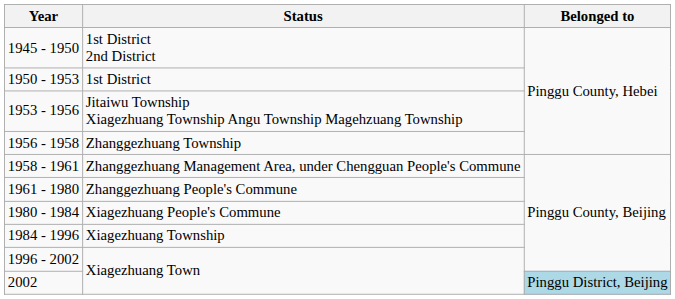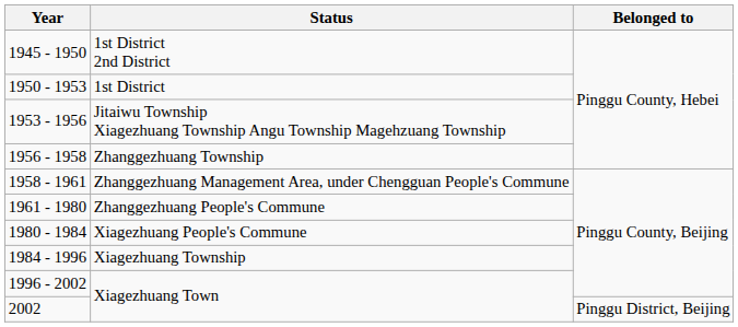 <table class="wikitable">
 <tr>
 <th>Year</th>
 <th>Status</th>
 <th>Belonged to</th>
 </tr>
 <tr>
 <td>1945 - 1950</td>
 <td>1st District<br>2nd District</td>
 <td rowspan="4">Pinggu County, Hebei</td>
 </tr>
 <tr>
 <td>1950 - 1953</td>
 <td>1st District</td>
 </tr>
 <tr>
 <td>1953 - 1956</td>
 <td>Jitaiwu Township<br>Xiagezhuang Township Angu Township Magehzuang Township</td>
 </tr>
 <tr>
 <td>1956 - 1958</td>
 <td>Zhanggezhuang Township</td>
 </tr>
 <tr>
 <td>1958 - 1961</td>
 <td>Zhanggezhuang Management Area, under Chengguan People's Commune</td>
 <td rowspan="5">Pinggu County, Beijing</td>
 </tr>
 <tr>
 <td>1961 - 1980</td>
 <td>Zhanggezhuang People's Commune</td>
 </tr>
 <tr>
 <td>1980 - 1984</td>
 <td>Xiagezhuang People's Commune</td>
 </tr>
 <tr>
 <td>1984 - 1996</td>
 <td>Xiagezhuang Township</td>
 </tr>
 <tr>
 <td>1996 - 2002</td>
 <td rowspan="2">Xiagezhuang Town</td>
 </tr>
 <tr>
 <td>2002</td>
-<td style="background: lightblue;">Pinggu District, Beijing</td>
+<td>Pinggu District, Beijing</td>
 </tr>
 </table>
